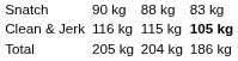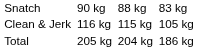 <table>
 <tr>
 <td>Snatch</td>
 <td></td>
 <td>90 kg</td>
 <td></td>
 <td>88 kg</td>
 <td></td>
 <td>83 kg</td>
 </tr>
 <tr>
 <td>Clean & Jerk</td>
 <td></td>
 <td>116 kg</td>
 <td></td>
 <td>115 kg</td>
 <td></td>
-<td><strong>105 kg</strong></td>
+<td>105 kg</td>
 </tr>
 <tr>
 <td>Total</td>
 <td></td>
 <td>205 kg</td>
 <td></td>
 <td>204 kg</td>
 <td></td>
 <td>186 kg</td>
 </tr>
 </table>
